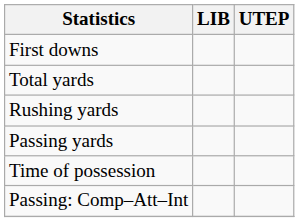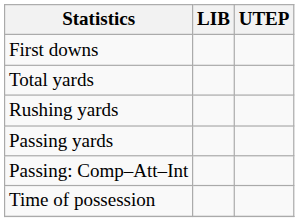 <table class="wikitable" style="float: left;">
 <tr>
 <th>Statistics</th>
 <th>LIB</th>
 <th>UTEP</th>
 </tr>
 <tr>
 <td>First downs</td>
 <td></td>
 <td></td>
 </tr>
 <tr>
 <td>Total yards</td>
 <td></td>
 <td></td>
 </tr>
 <tr>
 <td>Rushing yards</td>
 <td></td>
 <td></td>
 </tr>
 <tr>
 <td>Passing yards</td>
 <td></td>
 <td></td>
 </tr>
 <tr>
-<td>Time of possession</td>
+<td>Passing: Comp–Att–Int</td>
 <td></td>
 <td></td>
 </tr>
 <tr>
-<td>Passing: Comp–Att–Int</td>
+<td>Time of possession</td>
 <td></td>
 <td></td>
 </tr>
 <tr>
 </tr>
 </table>
